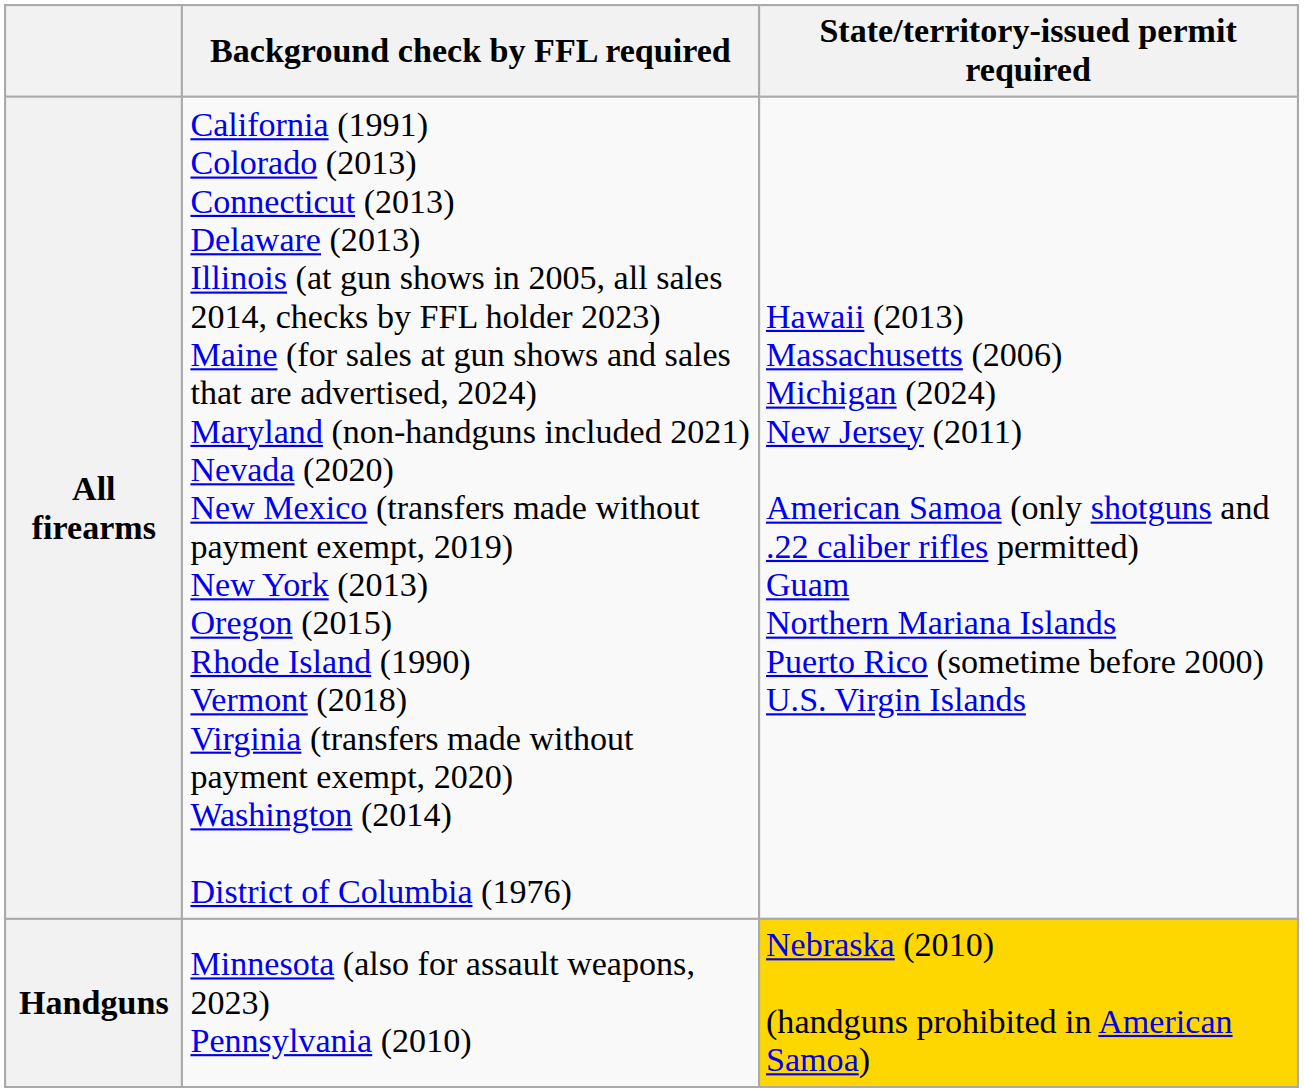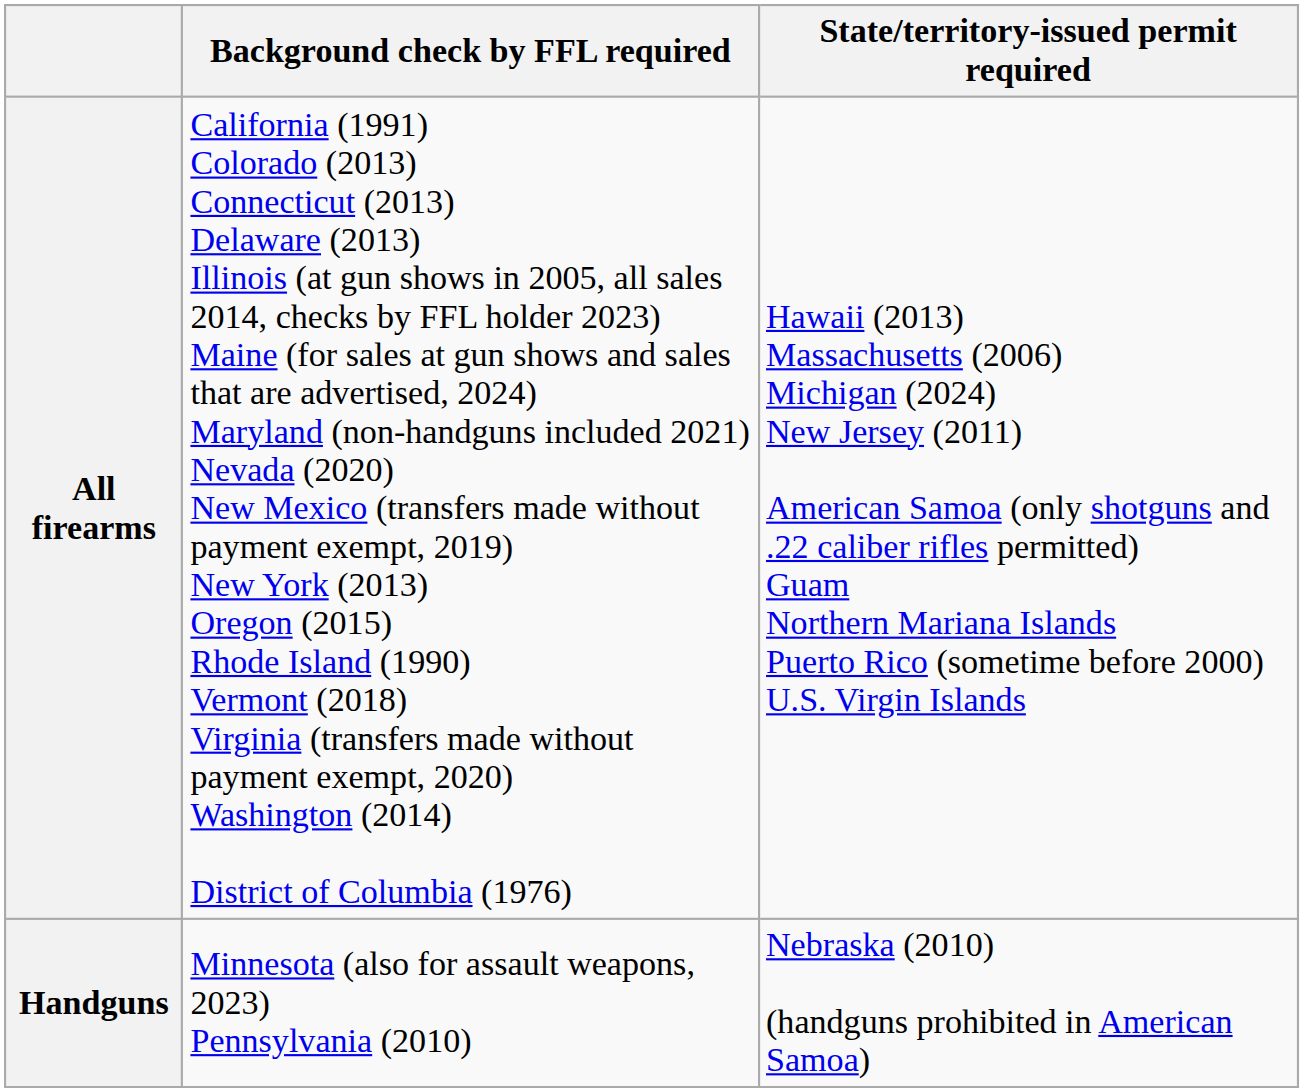 <table class="wikitable">
 <tr>
 <th></th>
 <th>Background check by FFL required</th>
 <th>State/territory-issued permit required</th>
 </tr>
 <tr>
 <th>All firearms</th>
 <td><a href='#'>California</a> (1991)<br><a href='#'>Colorado</a> (2013)<br><a href='#'>Connecticut</a> (2013)<br><a href='#'>Delaware</a> (2013)<br><a href='#'>Illinois</a> (at gun shows in 2005, all sales 2014, checks by FFL holder 2023)<br><a href='#'>Maine</a> (for sales at gun shows and sales that are advertised, 2024)<br><a href='#'>Maryland</a> (non-handguns included 2021)<br><a href='#'>Nevada</a> (2020)<br><a href='#'>New Mexico</a> (transfers made without payment exempt, 2019)<br><a href='#'>New York</a> (2013)<br><a href='#'>Oregon</a> (2015)<br><a href='#'>Rhode Island</a> (1990)<br><a href='#'>Vermont</a> (2018) <br><a href='#'>Virginia</a> (transfers made without payment exempt, 2020)<br><a href='#'>Washington</a> (2014)<br><br><a href='#'>District of Columbia</a> (1976)</td>
 <td><a href='#'>Hawaii</a> (2013)<br><a href='#'>Massachusetts</a> (2006)<br><a href='#'>Michigan</a> (2024)<br><a href='#'>New Jersey</a> (2011)<br><br><a href='#'>American Samoa</a> (only <a href='#'>shotguns</a> and <a href='#'>.22 caliber rifles</a> permitted)<br><a href='#'>Guam</a><br><a href='#'>Northern Mariana Islands</a> <br><a href='#'>Puerto Rico</a> (sometime before 2000)<br><a href='#'>U.S. Virgin Islands</a></td>
 </tr>
 <tr>
 <th>Handguns</th>
 <td><a href='#'>Minnesota</a> (also for assault weapons, 2023)<br><a href='#'>Pennsylvania</a> (2010)</td>
-<td style="background: gold;"><a href='#'>Nebraska</a> (2010)<br><br>(handguns prohibited in <a href='#'>American Samoa</a>)</td>
+<td><a href='#'>Nebraska</a> (2010)<br><br>(handguns prohibited in <a href='#'>American Samoa</a>)</td>
 </tr>
 <tr>
 </tr>
 </table>
